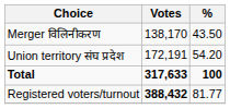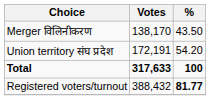 <table class=wikitable style=text-align:right>
 <tr>
 <th>Choice</th>
 <th>Votes</th>
 <th>%</th>
 </tr>
 <tr>
 <td align=left> Merger विलिनीकरण</td>
 <td>138,170</td>
 <td>43.50</td>
 </tr>
 <tr>
 <td align=left> Union territory संघ प्रदेश</td>
 <td>172,191</td>
 <td>54.20</td>
 </tr>
 <tr>
 <td align=left><strong>Total</strong></td>
 <td><strong>317,633</strong></td>
 <td><strong>100</strong></td>
 </tr>
 <tr>
 <td align=left>Registered voters/turnout</td>
-<td><strong>388,432</strong></td>
-<td>81.77</td>
+<td>388,432</td>
+<td><strong>81.77</strong></td>
 </tr>
 <tr>
 </tr>
 </table>
